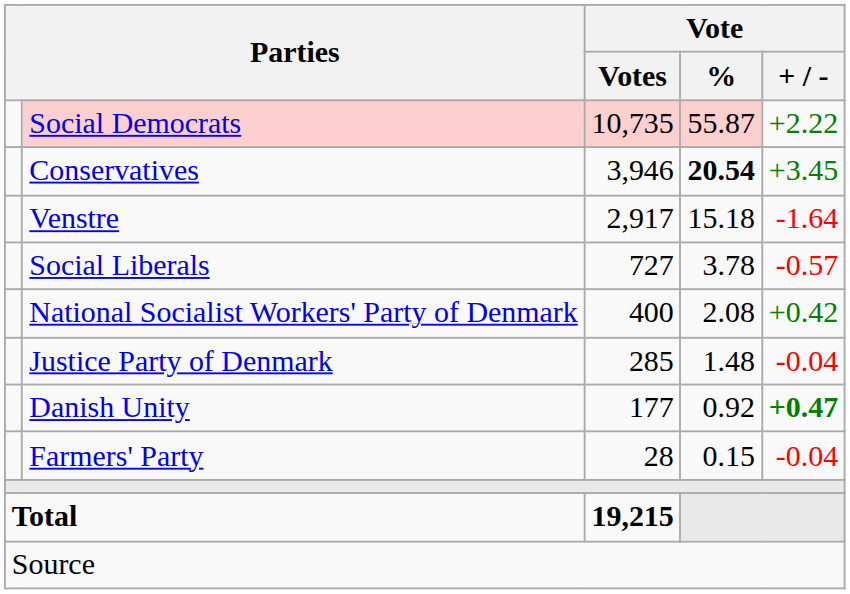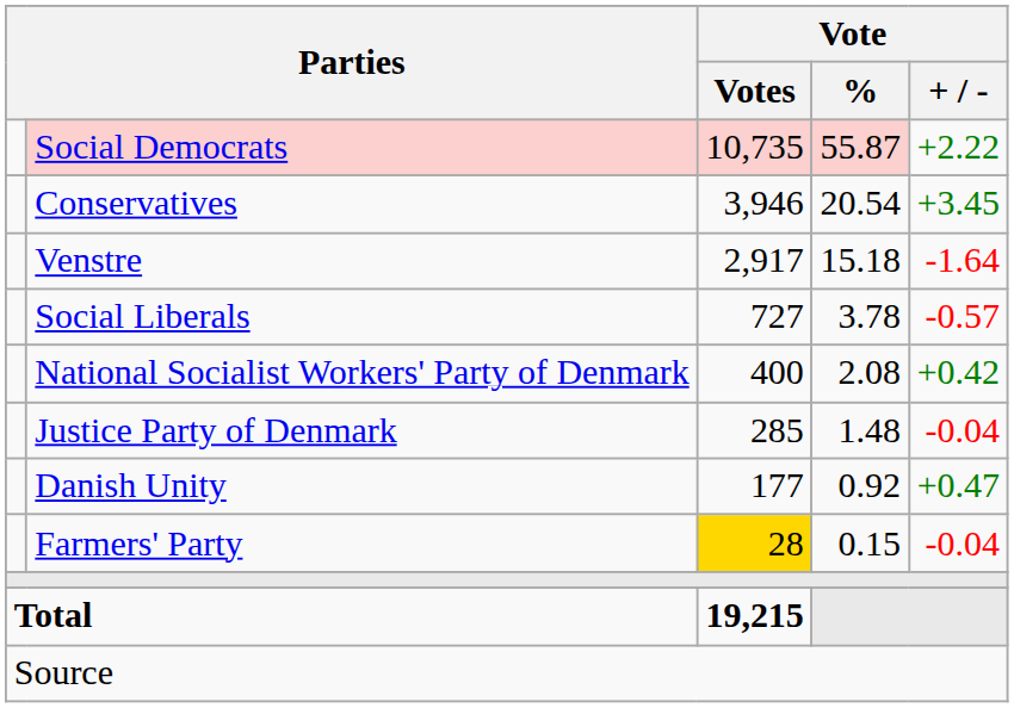 <table class="wikitable" style="text-align:right;">
 <tr>
 <th style="text-align:centre;" rowspan="2" colspan="2" width="225">Parties</th>
 <th colspan="3">Vote</th>
 </tr>
 <tr>
 <th width="15">Votes</th>
 <th width="15">%</th>
 <th width="15">+ / -</th>
 </tr>
 <tr>
 <td width="2" style="color:inherit;background:"></td>
 <td bgcolor=#fbd0ce  align="left"><a href='#'>Social Democrats</a></td>
 <td bgcolor=#fbd0ce>10,735</td>
 <td bgcolor=#fbd0ce>55.87</td>
 <td style=color:green;>+2.22</td>
 </tr>
 <tr>
 <td width="2" style="color:inherit;background:"></td>
 <td align="left"><a href='#'>Conservatives</a></td>
 <td>3,946</td>
-<td><strong>20.54</strong></td>
+<td>20.54</td>
 <td style=color:green;>+3.45</td>
 </tr>
 <tr>
 <td width="2" style="color:inherit;background:"></td>
 <td align="left"><a href='#'>Venstre</a></td>
 <td>2,917</td>
 <td>15.18</td>
 <td style=color:red;>-1.64</td>
 </tr>
 <tr>
 <td width="2" style="color:inherit;background:"></td>
 <td align="left"><a href='#'>Social Liberals</a></td>
 <td>727</td>
 <td>3.78</td>
 <td style=color:red;>-0.57</td>
 </tr>
 <tr>
 <td width="2" style="color:inherit;background:"></td>
 <td align="left"><a href='#'>National Socialist Workers' Party of Denmark</a></td>
 <td>400</td>
 <td>2.08</td>
 <td style=color:green;>+0.42</td>
 </tr>
 <tr>
 <td width="2" style="color:inherit;background:"></td>
 <td align="left"><a href='#'>Justice Party of Denmark</a></td>
 <td>285</td>
 <td>1.48</td>
 <td style=color:red;>-0.04</td>
 </tr>
 <tr>
 <td width="2" style="color:inherit;background:"></td>
 <td align="left"><a href='#'>Danish Unity</a></td>
 <td>177</td>
 <td>0.92</td>
-<td style=color:green;><strong>+0.47</strong></td>
+<td style=color:green;>+0.47</td>
 </tr>
 <tr>
 <td width="2" style="color:inherit;background:"></td>
 <td align="left"><a href='#'>Farmers' Party</a></td>
-<td>28</td>
+<td style="background: gold;">28</td>
 <td>0.15</td>
 <td style=color:red;>-0.04</td>
 </tr>
 <tr>
 <td colspan="7" bgcolor="#E9E9E9"></td>
 </tr>
 <tr>
 <td align="left" colspan="2"><strong>Total</strong></td>
 <td><strong>19,215</strong></td>
 <td bgcolor="#E9E9E9" colspan="2"></td>
 </tr>
 <tr>
 <td align="left" colspan="6">Source</td>
 </tr>
 </table>
